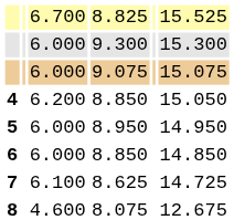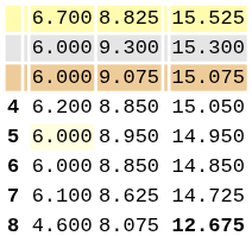 <table>
 <tr bgcolor=fffcaf>
 <td></td>
 <td align=left></td>
 <td>6.700</td>
 <td>8.825</td>
 <td></td>
 <td>15.525</td>
 </tr>
 <tr bgcolor=e5e5e5>
 <td></td>
 <td align=left></td>
 <td>6.000</td>
 <td>9.300</td>
 <td></td>
 <td>15.300</td>
 </tr>
 <tr bgcolor=eecc99>
 <td></td>
 <td align=left></td>
 <td>6.000</td>
 <td>9.075</td>
 <td></td>
 <td>15.075</td>
 </tr>
 <tr>
 <th>4</th>
 <td align=left></td>
 <td>6.200</td>
 <td>8.850</td>
 <td></td>
 <td>15.050</td>
 </tr>
 <tr>
 <th>5</th>
 <td align=left></td>
-<td>6.000</td>
+<td style="background: lightyellow;">6.000</td>
 <td>8.950</td>
 <td></td>
 <td>14.950</td>
 </tr>
 <tr>
 <th>6</th>
 <td align=left></td>
 <td>6.000</td>
 <td>8.850</td>
 <td></td>
 <td>14.850</td>
 </tr>
 <tr>
 <th>7</th>
 <td align=left></td>
 <td>6.100</td>
 <td>8.625</td>
 <td></td>
 <td>14.725</td>
 </tr>
 <tr>
 <th>8</th>
 <td align=left></td>
 <td>4.600</td>
 <td>8.075</td>
 <td></td>
-<td>12.675</td>
+<td><strong>12.675</strong></td>
 </tr>
 <tr>
 </tr>
 </table>
